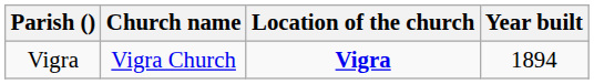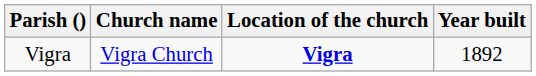 <table class="wikitable" style="text-align:center">
 <tr>
 <th>Parish ()</th>
 <th>Church name</th>
 <th>Location of the church</th>
 <th>Year built</th>
 </tr>
 <tr>
 <td rowspan="1">Vigra</td>
 <td><a href='#'>Vigra Church</a></td>
 <td><strong><a href='#'>Vigra</a></strong></td>
-<td>1894</td>
+<td>1892</td>
 </tr>
 </table>
